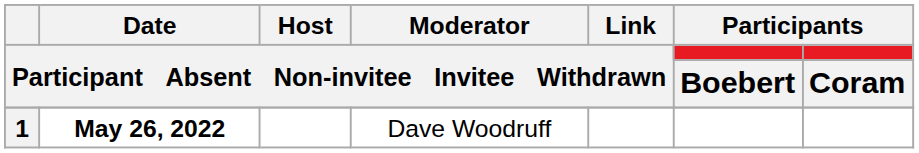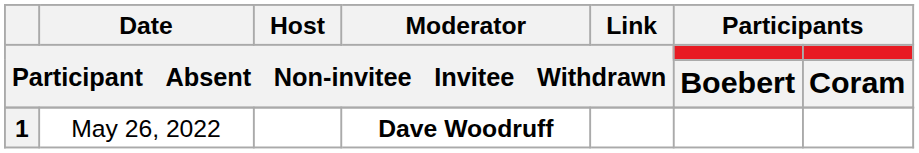 <table class="wikitable" style="text-align:center;">
 <tr style="font-size:small;">
 <th scope="col"></th>
 <th scope="col">Date</th>
 <th scope="col">Host</th>
 <th scope="col">Moderator</th>
 <th scope="col">Link</th>
 <th scope="col" colspan="2">Participants</th>
 </tr>
 <tr>
 <th colspan="5" rowspan="2"> <small>Participant  </small> <small>Absent  </small> <small>Non-invitee  </small> <small>Invitee  </small> <small>Withdrawn</small></th>
 <th scope="col" style="background:#E81B23;"></th>
 <th scope="col" style="background:#E81B23;"></th>
 </tr>
 <tr>
 <th scope="col">Boebert</th>
 <th scope="col">Coram</th>
 </tr>
 <tr>
 </tr>
 <tr style="background:#FFFFFF;font-size:small;">
 <th scope="row">1</th>
-<td style="white-space:nowrap;"><strong>May 26, 2022</strong></td>
+<td style="white-space:nowrap;">May 26, 2022</td>
 <td style="white-space:nowrap;"></td>
-<td style="white-space:nowrap;">Dave Woodruff</td>
+<td style="white-space:nowrap;"><strong>Dave Woodruff</strong></td>
 <td style="white-space:nowrap;"></td>
 <td></td>
 <td></td>
 </tr>
 </table>
